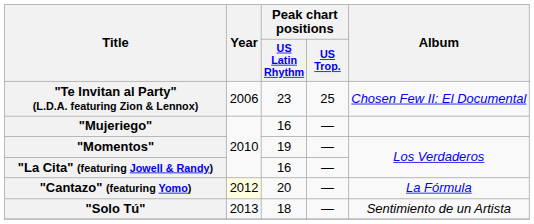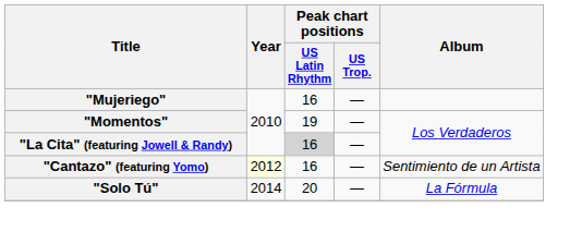 <table class="wikitable plainrowheaders" style="text-align:center;">
 <tr>
 <th rowspan="2" width="267">Title</th>
 <th rowspan="2">Year</th>
 <th colspan="2">Peak chart positions</th>
 <th rowspan="2">Album</th>
 </tr>
 <tr style="font-size:smaller;">
 <th width="45"><a href='#'>US<br>Latin Rhythm</a><br></th>
 <th width="45"><a href='#'>US<br>Trop.</a><br></th>
-</tr>
-<tr>
-<th scope="row">"Te Invitan al Party"<br><small>(L.D.A. featuring Zion & Lennox)</small></th>
-<td>2006</td>
-<td>23</td>
-<td>25</td>
-<td><em><a href='#'>Chosen Few II: El Documental</a></em></td>
 </tr>
 <tr>
 <th scope="row">"Mujeriego"</th>
 <td rowspan="3">2010</td>
 <td>16</td>
 <td>—</td>
 <td></td>
 </tr>
 <tr>
 <th scope="row">"Momentos"</th>
 <td>19</td>
 <td>—</td>
 <td rowspan="2"><em><a href='#'>Los Verdaderos</a></em></td>
 </tr>
 <tr>
 <th scope="row">"La Cita" <small>(featuring <a href='#'>Jowell & Randy</a>)</small></th>
-<td>16</td>
+<td style="background: lightgrey;">16</td>
 <td>—</td>
 </tr>
 <tr>
 <th scope="row">"Cantazo" <small>(featuring <a href='#'>Yomo</a>)</small></th>
 <td style="background: lightyellow;">2012</td>
+<td>16</td>
+<td>—</td>
+<td><em>Sentimiento de un Artista</em></td>
+</tr>
+<tr>
+<th scope="row">"Solo Tú"</th>
+<td>2014</td>
 <td>20</td>
 <td>—</td>
 <td><em><a href='#'>La Fórmula</a></em></td>
 </tr>
 <tr>
-<th scope="row">"Solo Tú"</th>
-<td>2013</td>
-<td>18</td>
-<td>—</td>
-<td><em>Sentimiento de un Artista</em></td>
-</tr>
-<tr>
 </tr>
 </table>
